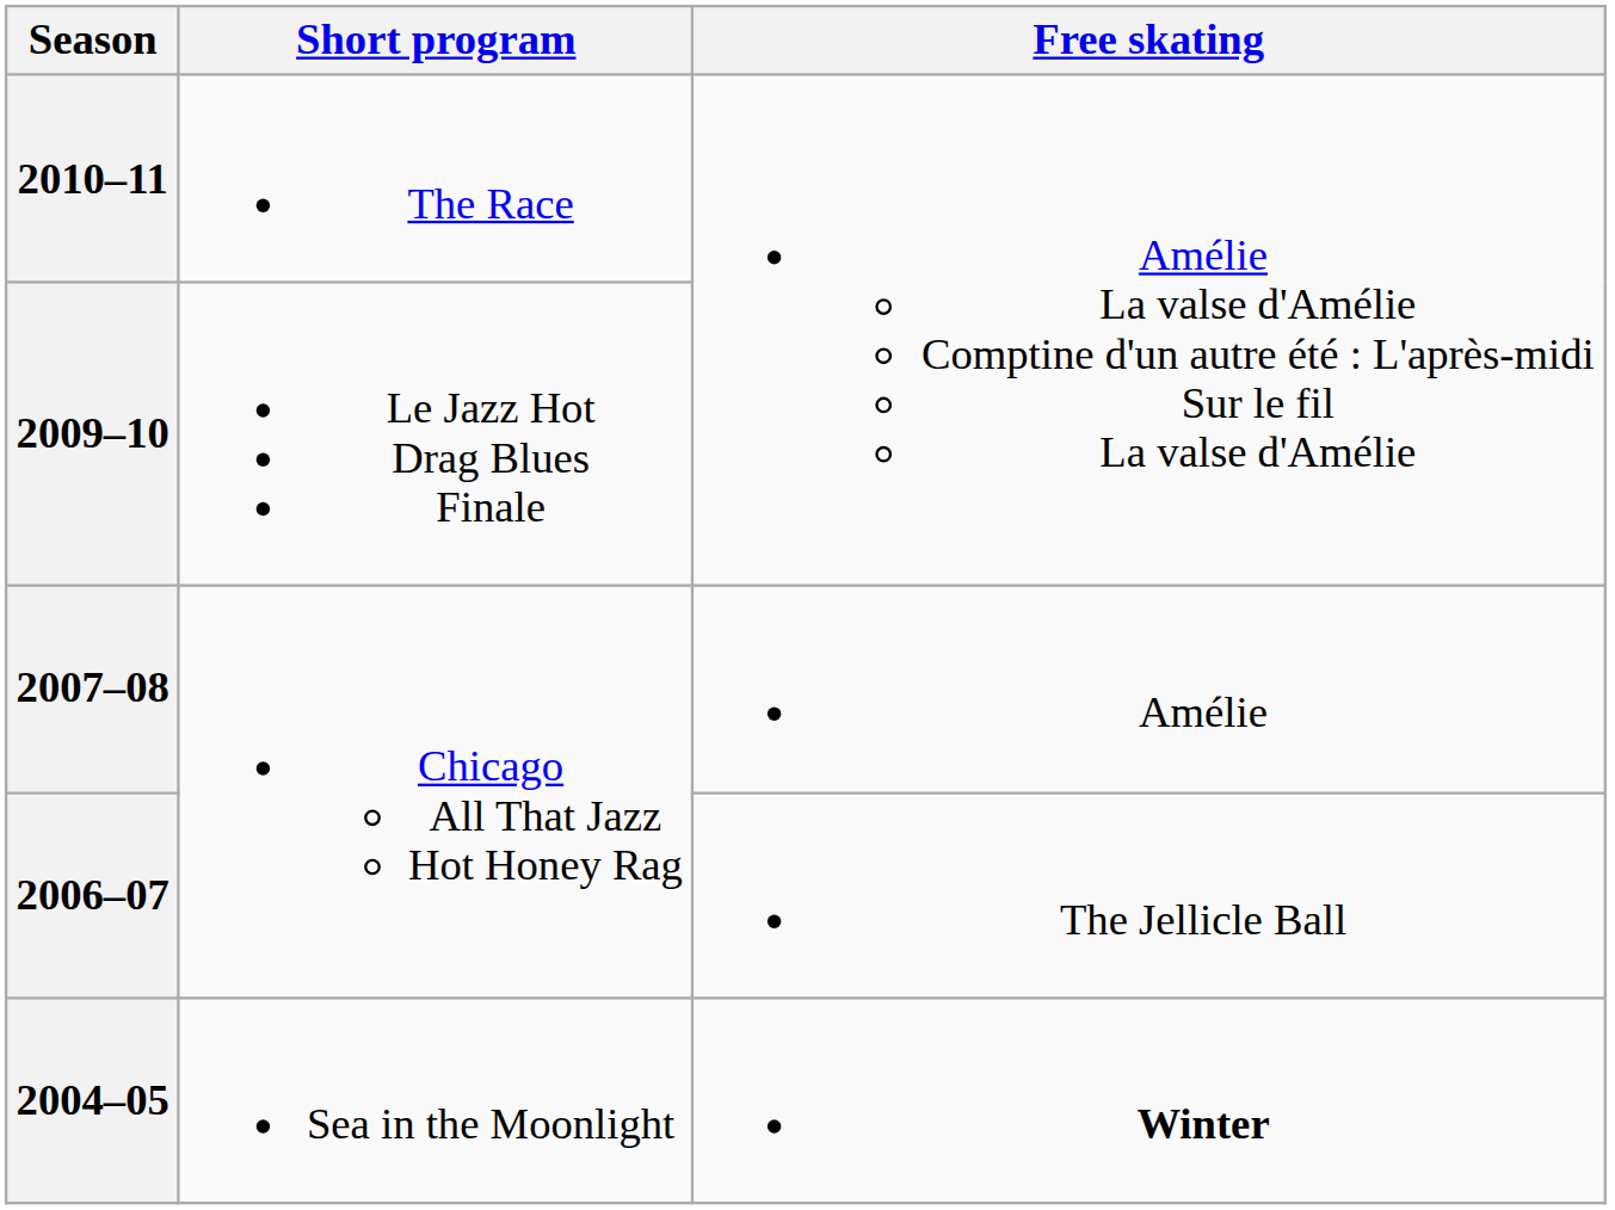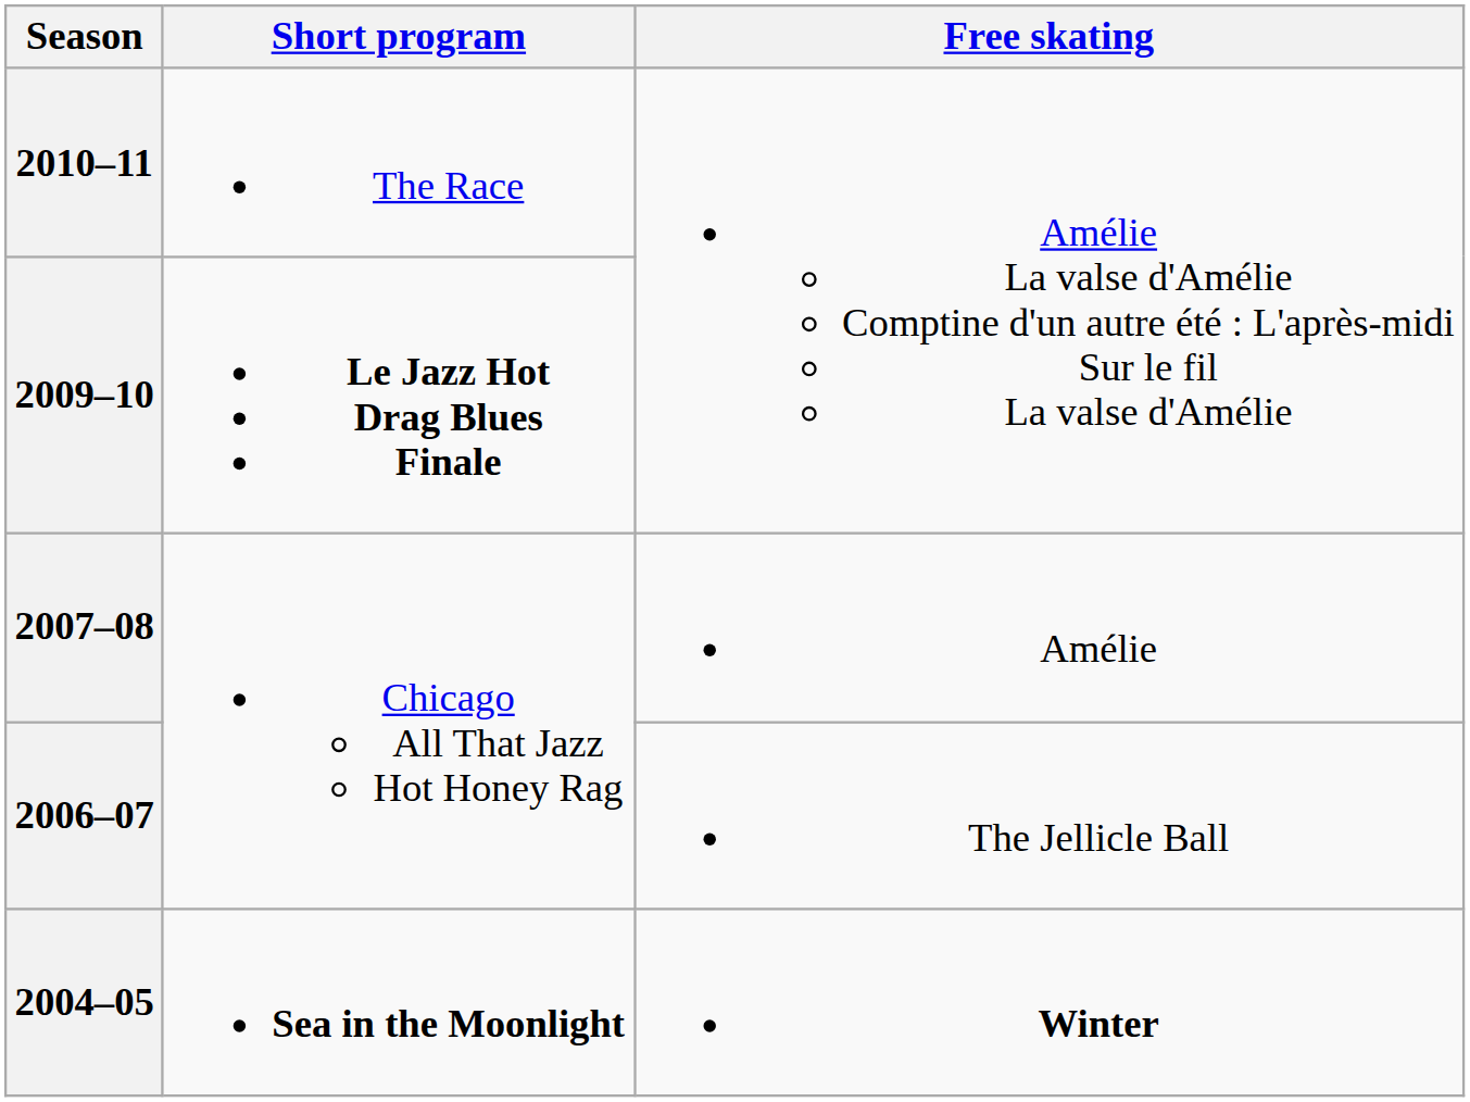 <table class=wikitable style=text-align:center>
 <tr>
 <th>Season</th>
 <th><a href='#'>Short program</a></th>
 <th><a href='#'>Free skating</a></th>
 </tr>
 <tr>
 <th>2010–11 <br> </th>
 <td><br><ul><li><a href='#'>The Race</a> <br></li></ul></td>
 <td rowspan=2><br><ul><li><a href='#'>Amélie</a> <br><ul><li>La valse d'Amélie</li><li>Comptine d'un autre été : L'après-midi</li><li>Sur le fil</li><li>La valse d'Amélie</li></ul></li></ul></td>
 </tr>
 <tr>
 <th>2009–10 <br> </th>
-<td><br><ul><li>Le Jazz Hot</li><li>Drag Blues</li><li>Finale</li></ul></td>
+<td><strong><br><ul><li>Le Jazz Hot</li><li>Drag Blues</li><li>Finale</li></ul></strong></td>
 </tr>
 <tr>
 <th>2007–08 <br> </th>
 <td rowspan=2><br><ul><li><a href='#'>Chicago</a> <br><ul><li>All That Jazz</li><li>Hot Honey Rag</li></ul></li></ul></td>
 <td><br><ul><li>Amélie <br></li></ul></td>
 </tr>
 <tr>
 <th>2006–07 <br> </th>
 <td><br><ul><li>The Jellicle Ball  <br></li></ul></td>
 </tr>
 <tr>
 <th>2004–05 <br> </th>
-<td><br><ul><li>Sea in the Moonlight <br></li></ul></td>
+<td><strong><br><ul><li>Sea in the Moonlight <br></li></ul></strong></td>
 <td><strong><br><ul><li>Winter <br></li></ul></strong></td>
 </tr>
 </table>
